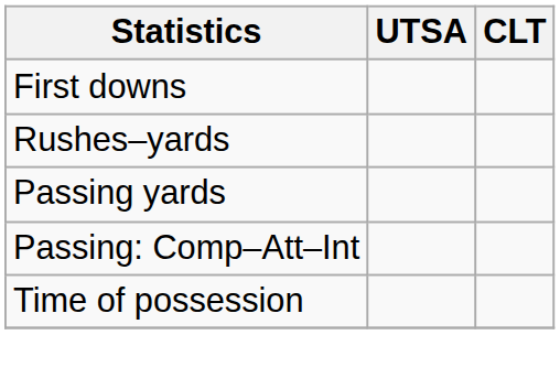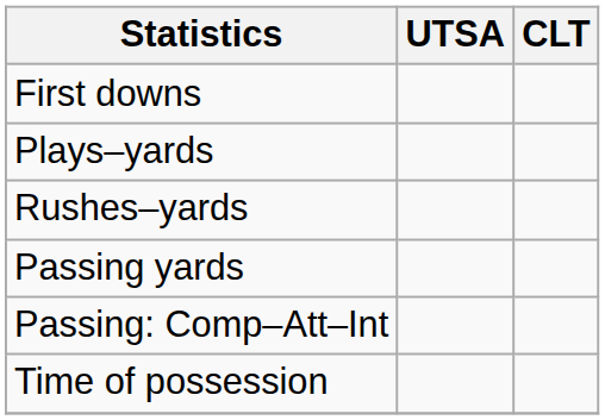 <table class="wikitable" style="float: left;">
 <tr>
 <th>Statistics</th>
 <th>UTSA</th>
 <th>CLT</th>
 </tr>
 <tr>
 <td>First downs</td>
+<td></td>
+<td></td>
+</tr>
+<tr>
+<td>Plays–yards</td>
 <td></td>
 <td></td>
 </tr>
 <tr>
 <td>Rushes–yards</td>
 <td></td>
 <td></td>
 </tr>
 <tr>
 <td>Passing yards</td>
 <td></td>
 <td></td>
 </tr>
 <tr>
 <td>Passing: Comp–Att–Int</td>
 <td></td>
 <td></td>
 </tr>
 <tr>
 <td>Time of possession</td>
 <td></td>
 <td></td>
 </tr>
 <tr>
 </tr>
 </table>
